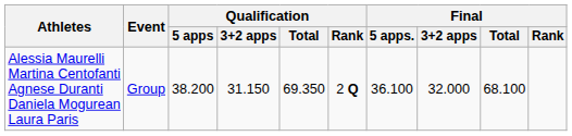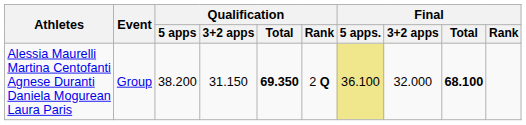 <table class="wikitable" style="text-align:center; font-size:90%">
 <tr>
 <th rowspan="2">Athletes</th>
 <th rowspan="2">Event</th>
 <th colspan="4">Qualification</th>
 <th colspan="4">Final</th>
 </tr>
 <tr style="font-size:95%">
 <th>5 apps</th>
 <th>3+2 apps</th>
 <th>Total</th>
 <th>Rank</th>
 <th>5 apps.</th>
 <th>3+2 apps</th>
 <th>Total</th>
 <th>Rank</th>
 </tr>
 <tr>
 <td align=left><a href='#'>Alessia Maurelli</a><br><a href='#'>Martina Centofanti</a><br><a href='#'>Agnese Duranti</a><br><a href='#'>Daniela Mogurean</a><br><a href='#'>Laura Paris</a></td>
 <td align=left><a href='#'>Group</a></td>
 <td>38.200</td>
 <td>31.150</td>
-<td>69.350</td>
+<td><strong>69.350</strong></td>
 <td>2 <strong>Q</strong></td>
-<td>36.100</td>
+<td style="background: khaki;">36.100</td>
 <td>32.000</td>
-<td>68.100</td>
+<td><strong>68.100</strong></td>
 <td></td>
 </tr>
 </table>
